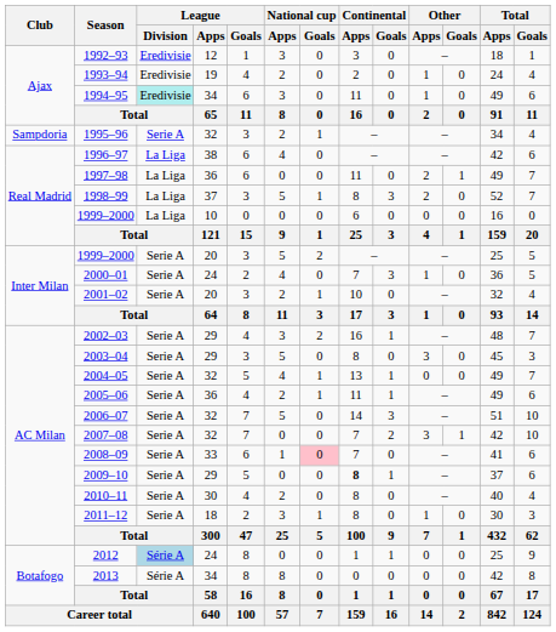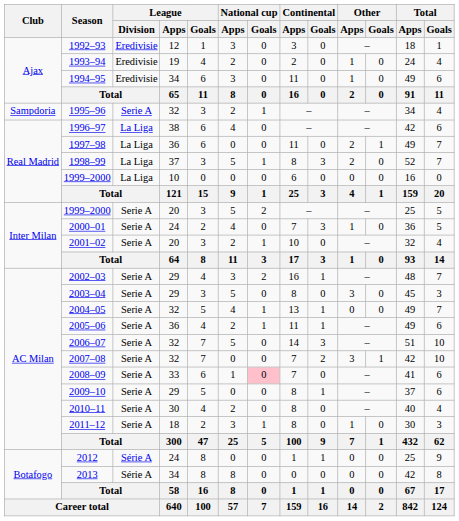 <table class="wikitable" style="text-align:center">
 <tr>
 <th rowspan="2">Club</th>
 <th rowspan="2">Season</th>
 <th colspan="3">League</th>
 <th colspan="2">National cup</th>
 <th colspan="2">Continental</th>
 <th colspan="2">Other</th>
 <th colspan="2">Total</th>
 </tr>
 <tr>
 <th>Division</th>
 <th>Apps</th>
 <th>Goals</th>
 <th>Apps</th>
 <th>Goals</th>
 <th>Apps</th>
 <th>Goals</th>
 <th>Apps</th>
 <th>Goals</th>
 <th>Apps</th>
 <th>Goals</th>
 </tr>
 <tr>
 <td rowspan="4"><a href='#'>Ajax</a></td>
 <td><a href='#'>1992–93</a></td>
 <td><a href='#'>Eredivisie</a></td>
 <td>12</td>
 <td>1</td>
 <td>3</td>
 <td>0</td>
 <td>3</td>
 <td>0</td>
 <td colspan="2">–</td>
 <td>18</td>
 <td>1</td>
 </tr>
 <tr>
 <td><a href='#'>1993–94</a></td>
 <td>Eredivisie</td>
 <td>19</td>
 <td>4</td>
 <td>2</td>
 <td>0</td>
 <td>2</td>
 <td>0</td>
 <td>1</td>
 <td>0</td>
 <td>24</td>
 <td>4</td>
 </tr>
 <tr>
 <td><a href='#'>1994–95</a></td>
-<td style="background: paleturquoise;">Eredivisie</td>
+<td>Eredivisie</td>
 <td>34</td>
 <td>6</td>
 <td>3</td>
 <td>0</td>
 <td>11</td>
 <td>0</td>
 <td>1</td>
 <td>0</td>
 <td>49</td>
 <td>6</td>
 </tr>
 <tr>
 <th colspan="2">Total</th>
 <th>65</th>
 <th>11</th>
 <th>8</th>
 <th>0</th>
 <th>16</th>
 <th>0</th>
 <th>2</th>
 <th>0</th>
 <th>91</th>
 <th>11</th>
 </tr>
 <tr>
 <td><a href='#'>Sampdoria</a></td>
 <td><a href='#'>1995–96</a></td>
 <td><a href='#'>Serie A</a></td>
 <td>32</td>
 <td>3</td>
 <td>2</td>
 <td>1</td>
 <td colspan="2">–</td>
 <td colspan="2">–</td>
 <td>34</td>
 <td>4</td>
 </tr>
 <tr>
 <td rowspan="5"><a href='#'>Real Madrid</a></td>
 <td><a href='#'>1996–97</a></td>
 <td><a href='#'>La Liga</a></td>
 <td>38</td>
 <td>6</td>
 <td>4</td>
 <td>0</td>
 <td colspan="2">–</td>
 <td colspan="2">–</td>
 <td>42</td>
 <td>6</td>
 </tr>
 <tr>
 <td><a href='#'>1997–98</a></td>
 <td>La Liga</td>
 <td>36</td>
 <td>6</td>
 <td>0</td>
 <td>0</td>
 <td>11</td>
 <td>0</td>
 <td>2</td>
 <td>1</td>
 <td>49</td>
 <td>7</td>
 </tr>
 <tr>
 <td><a href='#'>1998–99</a></td>
 <td>La Liga</td>
 <td>37</td>
 <td>3</td>
 <td>5</td>
 <td>1</td>
 <td>8</td>
 <td>3</td>
 <td>2</td>
 <td>0</td>
 <td>52</td>
 <td>7</td>
 </tr>
 <tr>
 <td><a href='#'>1999–2000</a></td>
 <td>La Liga</td>
 <td>10</td>
 <td>0</td>
 <td>0</td>
 <td>0</td>
 <td>6</td>
 <td>0</td>
 <td>0</td>
 <td>0</td>
 <td>16</td>
 <td>0</td>
 </tr>
 <tr>
 <th colspan="2">Total</th>
 <th>121</th>
 <th>15</th>
 <th>9</th>
 <th>1</th>
 <th>25</th>
 <th>3</th>
 <th>4</th>
 <th>1</th>
 <th>159</th>
 <th>20</th>
 </tr>
 <tr>
 <td rowspan="4"><a href='#'>Inter Milan</a></td>
 <td><a href='#'>1999–2000</a></td>
 <td>Serie A</td>
 <td>20</td>
 <td>3</td>
 <td>5</td>
 <td>2</td>
 <td colspan="2">–</td>
 <td colspan="2">–</td>
 <td>25</td>
 <td>5</td>
 </tr>
 <tr>
 <td><a href='#'>2000–01</a></td>
 <td>Serie A</td>
 <td>24</td>
 <td>2</td>
 <td>4</td>
 <td>0</td>
 <td>7</td>
 <td>3</td>
 <td>1</td>
 <td>0</td>
 <td>36</td>
 <td>5</td>
 </tr>
 <tr>
 <td><a href='#'>2001–02</a></td>
 <td>Serie A</td>
 <td>20</td>
 <td>3</td>
 <td>2</td>
 <td>1</td>
 <td>10</td>
 <td>0</td>
 <td colspan="2">–</td>
 <td>32</td>
 <td>4</td>
 </tr>
 <tr>
 <th colspan="2">Total</th>
 <th>64</th>
 <th>8</th>
 <th>11</th>
 <th>3</th>
 <th>17</th>
 <th>3</th>
 <th>1</th>
 <th>0</th>
 <th>93</th>
 <th>14</th>
 </tr>
 <tr>
 <td rowspan="11"><a href='#'>AC Milan</a></td>
 <td><a href='#'>2002–03</a></td>
 <td>Serie A</td>
 <td>29</td>
 <td>4</td>
 <td>3</td>
 <td>2</td>
 <td>16</td>
 <td>1</td>
 <td colspan="2">–</td>
 <td>48</td>
 <td>7</td>
 </tr>
 <tr>
 <td><a href='#'>2003–04</a></td>
 <td>Serie A</td>
 <td>29</td>
 <td>3</td>
 <td>5</td>
 <td>0</td>
 <td>8</td>
 <td>0</td>
 <td>3</td>
 <td>0</td>
 <td>45</td>
 <td>3</td>
 </tr>
 <tr>
 <td><a href='#'>2004–05</a></td>
 <td>Serie A</td>
 <td>32</td>
 <td>5</td>
 <td>4</td>
 <td>1</td>
 <td>13</td>
 <td>1</td>
 <td>0</td>
 <td>0</td>
 <td>49</td>
 <td>7</td>
 </tr>
 <tr>
 <td><a href='#'>2005–06</a></td>
 <td>Serie A</td>
 <td>36</td>
 <td>4</td>
 <td>2</td>
 <td>1</td>
 <td>11</td>
 <td>1</td>
 <td colspan="2">–</td>
 <td>49</td>
 <td>6</td>
 </tr>
 <tr>
 <td><a href='#'>2006–07</a></td>
 <td>Serie A</td>
 <td>32</td>
 <td>7</td>
 <td>5</td>
 <td>0</td>
 <td>14</td>
 <td>3</td>
 <td colspan="2">–</td>
 <td>51</td>
 <td>10</td>
 </tr>
 <tr>
 <td><a href='#'>2007–08</a></td>
 <td>Serie A</td>
 <td>32</td>
 <td>7</td>
 <td>0</td>
 <td>0</td>
 <td>7</td>
 <td>2</td>
 <td>3</td>
 <td>1</td>
 <td>42</td>
 <td>10</td>
 </tr>
 <tr>
 <td><a href='#'>2008–09</a></td>
 <td>Serie A</td>
 <td>33</td>
 <td>6</td>
 <td>1</td>
 <td style="background: pink;">0</td>
 <td>7</td>
 <td>0</td>
 <td colspan="2">–</td>
 <td>41</td>
 <td>6</td>
 </tr>
 <tr>
 <td><a href='#'>2009–10</a></td>
 <td>Serie A</td>
 <td>29</td>
 <td>5</td>
 <td>0</td>
 <td>0</td>
-<td><strong>8</strong></td>
+<td>8</td>
 <td>1</td>
 <td colspan="2">–</td>
 <td>37</td>
 <td>6</td>
 </tr>
 <tr>
 <td><a href='#'>2010–11</a></td>
 <td>Serie A</td>
 <td>30</td>
 <td>4</td>
 <td>2</td>
 <td>0</td>
 <td>8</td>
 <td>0</td>
 <td colspan="2">–</td>
 <td>40</td>
 <td>4</td>
 </tr>
 <tr>
 <td><a href='#'>2011–12</a></td>
 <td>Serie A</td>
 <td>18</td>
 <td>2</td>
 <td>3</td>
 <td>1</td>
 <td>8</td>
 <td>0</td>
 <td>1</td>
 <td>0</td>
 <td>30</td>
 <td>3</td>
 </tr>
 <tr>
 <th colspan="2">Total</th>
 <th>300</th>
 <th>47</th>
 <th>25</th>
 <th>5</th>
 <th>100</th>
 <th>9</th>
 <th>7</th>
 <th>1</th>
 <th>432</th>
 <th>62</th>
 </tr>
 <tr>
 <td rowspan="3"><a href='#'>Botafogo</a></td>
 <td><a href='#'>2012</a></td>
-<td style="background: lightblue;"><a href='#'>Série A</a></td>
+<td><a href='#'>Série A</a></td>
 <td>24</td>
 <td>8</td>
 <td>0</td>
 <td>0</td>
 <td>1</td>
 <td>1</td>
 <td>0</td>
 <td>0</td>
 <td>25</td>
 <td>9</td>
 </tr>
 <tr>
 <td><a href='#'>2013</a></td>
 <td>Série A</td>
 <td>34</td>
 <td>8</td>
 <td>8</td>
 <td>0</td>
 <td>0</td>
 <td>0</td>
 <td>0</td>
 <td>0</td>
 <td>42</td>
 <td>8</td>
 </tr>
 <tr>
 <th colspan="2">Total</th>
 <th>58</th>
 <th>16</th>
 <th>8</th>
 <th>0</th>
 <th>1</th>
 <th>1</th>
 <th>0</th>
 <th>0</th>
 <th>67</th>
 <th>17</th>
 </tr>
 <tr>
 <th colspan="3">Career total</th>
 <th>640</th>
 <th>100</th>
 <th>57</th>
 <th>7</th>
 <th>159</th>
 <th>16</th>
 <th>14</th>
 <th>2</th>
 <th>842</th>
 <th>124</th>
 </tr>
 </table>
